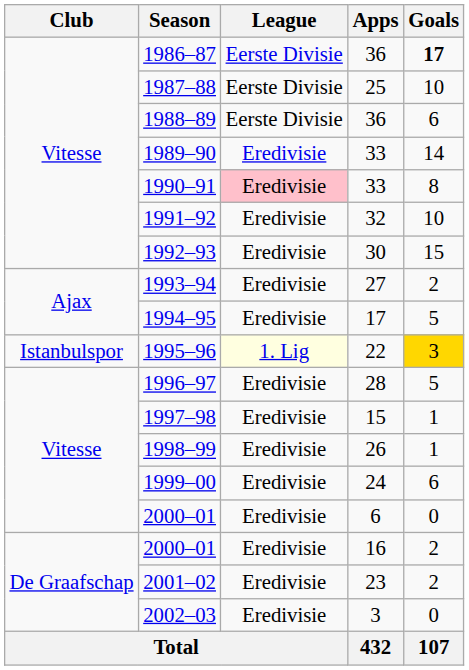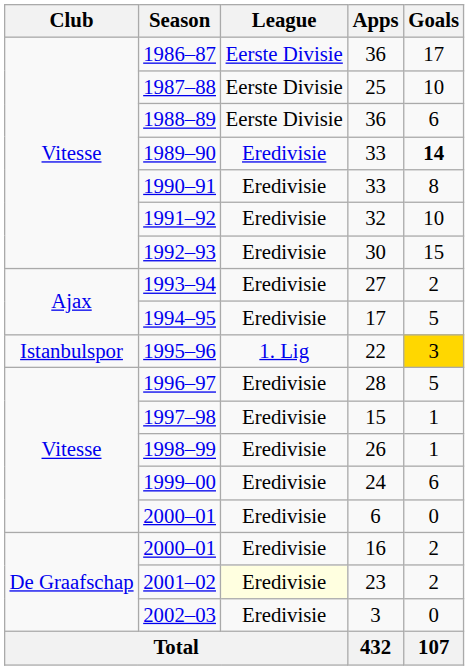 <table class="wikitable" style="text-align: center">
 <tr>
 <th>Club</th>
 <th>Season</th>
 <th>League</th>
 <th>Apps</th>
 <th>Goals</th>
 </tr>
 <tr>
 <td rowspan="7"><a href='#'>Vitesse</a></td>
 <td><a href='#'>1986–87</a></td>
 <td><a href='#'>Eerste Divisie</a></td>
 <td>36</td>
-<td><strong>17</strong></td>
+<td>17</td>
 </tr>
 <tr>
 <td><a href='#'>1987–88</a></td>
 <td>Eerste Divisie</td>
 <td>25</td>
 <td>10</td>
 </tr>
 <tr>
 <td><a href='#'>1988–89</a></td>
 <td>Eerste Divisie</td>
 <td>36</td>
 <td>6</td>
 </tr>
 <tr>
 <td><a href='#'>1989–90</a></td>
 <td><a href='#'>Eredivisie</a></td>
 <td>33</td>
-<td>14</td>
+<td><strong>14</strong></td>
 </tr>
 <tr>
 <td><a href='#'>1990–91</a></td>
-<td style="background: pink;">Eredivisie</td>
+<td>Eredivisie</td>
 <td>33</td>
 <td>8</td>
 </tr>
 <tr>
 <td><a href='#'>1991–92</a></td>
 <td>Eredivisie</td>
 <td>32</td>
 <td>10</td>
 </tr>
 <tr>
 <td><a href='#'>1992–93</a></td>
 <td>Eredivisie</td>
 <td>30</td>
 <td>15</td>
 </tr>
 <tr>
 <td rowspan="2"><a href='#'>Ajax</a></td>
 <td><a href='#'>1993–94</a></td>
 <td>Eredivisie</td>
 <td>27</td>
 <td>2</td>
 </tr>
 <tr>
 <td><a href='#'>1994–95</a></td>
 <td>Eredivisie</td>
 <td>17</td>
 <td>5</td>
 </tr>
 <tr>
 <td><a href='#'>Istanbulspor</a></td>
 <td><a href='#'>1995–96</a></td>
-<td style="background: lightyellow;"><a href='#'>1. Lig</a></td>
+<td><a href='#'>1. Lig</a></td>
 <td>22</td>
 <td style="background: gold;">3</td>
 </tr>
 <tr>
 <td rowspan="5"><a href='#'>Vitesse</a></td>
 <td><a href='#'>1996–97</a></td>
 <td>Eredivisie</td>
 <td>28</td>
 <td>5</td>
 </tr>
 <tr>
 <td><a href='#'>1997–98</a></td>
 <td>Eredivisie</td>
 <td>15</td>
 <td>1</td>
 </tr>
 <tr>
 <td><a href='#'>1998–99</a></td>
 <td>Eredivisie</td>
 <td>26</td>
 <td>1</td>
 </tr>
 <tr>
 <td><a href='#'>1999–00</a></td>
 <td>Eredivisie</td>
 <td>24</td>
 <td>6</td>
 </tr>
 <tr>
 <td><a href='#'>2000–01</a></td>
 <td>Eredivisie</td>
 <td>6</td>
 <td>0</td>
 </tr>
 <tr>
 <td rowspan="3"><a href='#'>De Graafschap</a></td>
 <td><a href='#'>2000–01</a></td>
 <td>Eredivisie</td>
 <td>16</td>
 <td>2</td>
 </tr>
 <tr>
 <td><a href='#'>2001–02</a></td>
-<td>Eredivisie</td>
+<td style="background: lightyellow;">Eredivisie</td>
 <td>23</td>
 <td>2</td>
 </tr>
 <tr>
 <td><a href='#'>2002–03</a></td>
 <td>Eredivisie</td>
 <td>3</td>
 <td>0</td>
 </tr>
 <tr>
 <th colspan="3">Total</th>
 <th>432</th>
 <th>107</th>
 </tr>
 </table>
